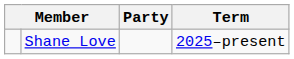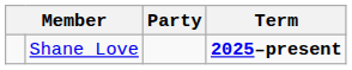 <table class="wikitable">
 <tr>
 <th colspan="2">Member</th>
 <th>Party</th>
 <th>Term</th>
 </tr>
 <tr>
 <td> </td>
 <td><a href='#'>Shane Love</a></td>
 <td></td>
-<td><a href='#'>2025</a>–present</td>
+<td><strong><a href='#'>2025</a>–present</strong></td>
 </tr>
 </table>
